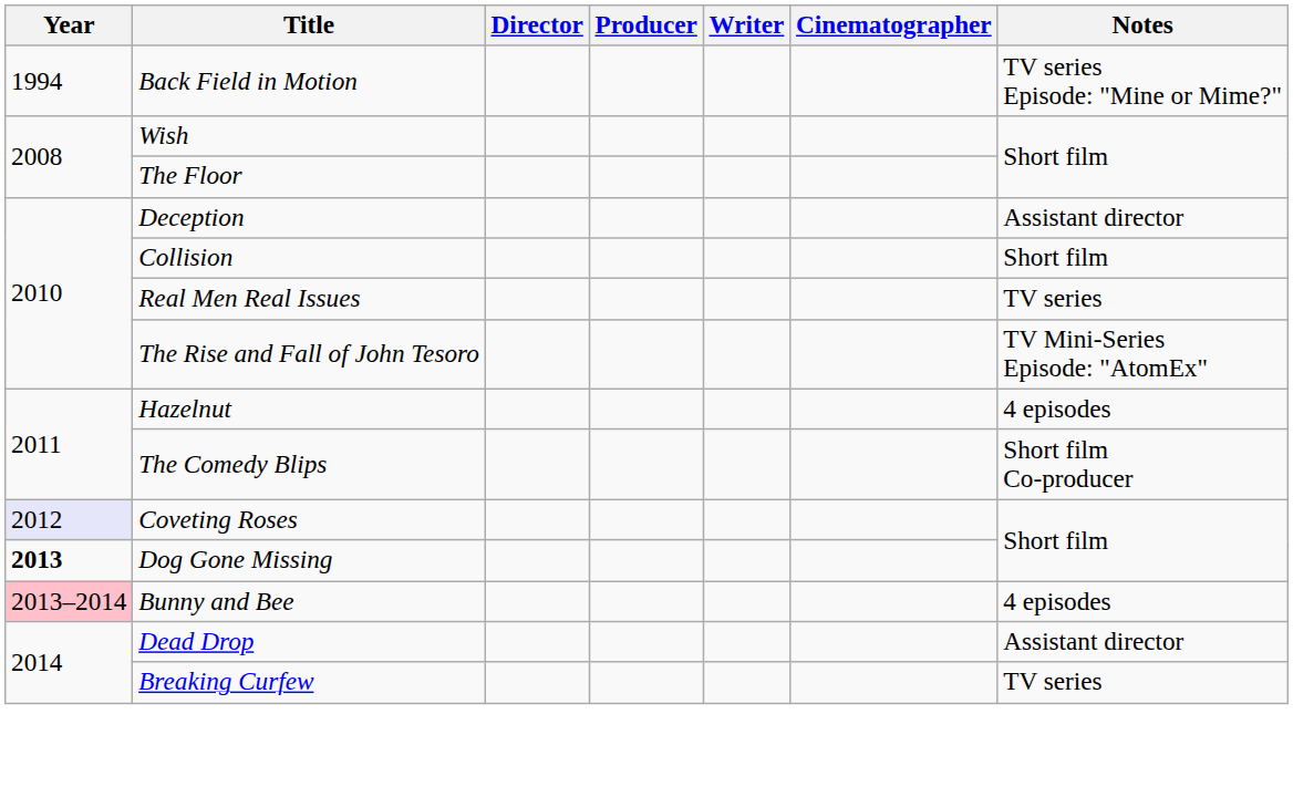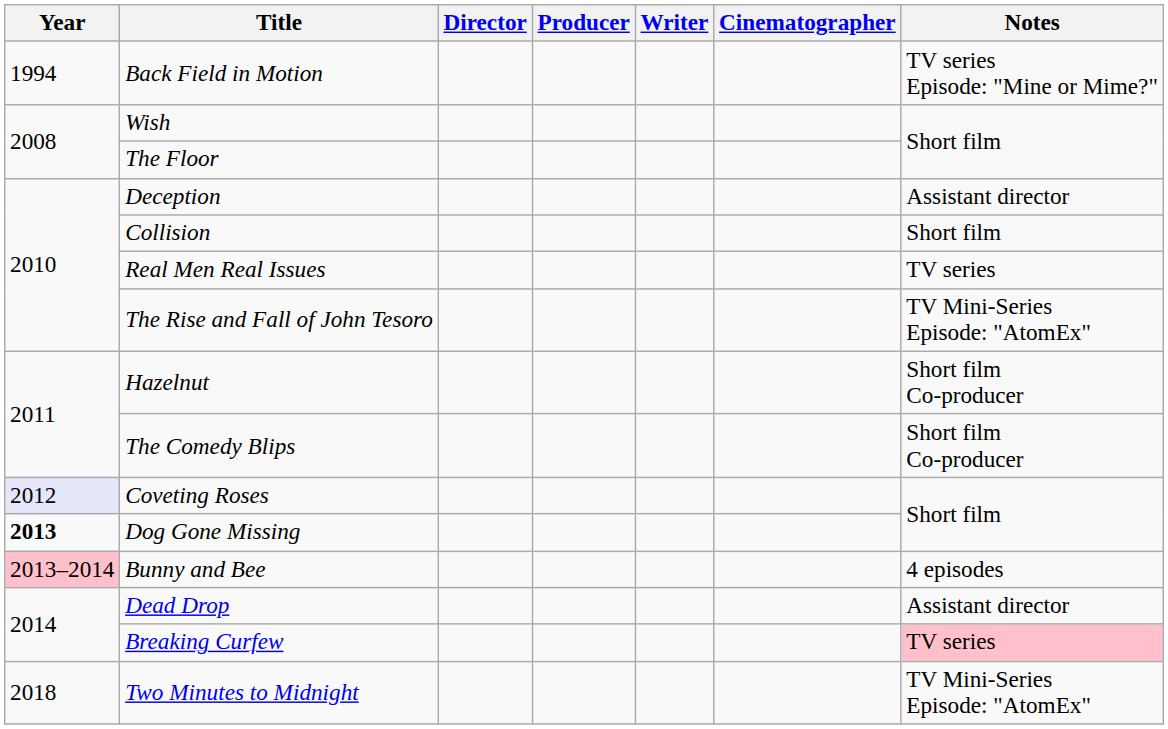 <table class="wikitable sortable">
 <tr>
 <th>Year</th>
 <th>Title</th>
 <th><a href='#'>Director</a></th>
 <th><a href='#'>Producer</a></th>
 <th><a href='#'>Writer</a></th>
 <th><a href='#'>Cinematographer</a></th>
 <th>Notes</th>
 </tr>
 <tr>
 <td>1994</td>
 <td><em>Back Field in Motion</em></td>
 <td></td>
 <td></td>
 <td></td>
 <td></td>
 <td>TV series<br>Episode: "Mine or Mime?"</td>
 </tr>
 <tr>
 <td rowspan="2">2008</td>
 <td><em>Wish</em></td>
 <td></td>
 <td></td>
 <td></td>
 <td></td>
 <td rowspan="2">Short film</td>
 </tr>
 <tr>
 <td><em>The Floor</em></td>
 <td></td>
 <td></td>
 <td></td>
 <td></td>
 </tr>
 <tr>
 <td rowspan="4">2010</td>
 <td><em>Deception</em></td>
 <td></td>
 <td></td>
 <td></td>
 <td></td>
 <td>Assistant director</td>
 </tr>
 <tr>
 <td><em>Collision</em></td>
 <td></td>
 <td></td>
 <td></td>
 <td></td>
 <td>Short film</td>
 </tr>
 <tr>
 <td><em>Real Men Real Issues</em></td>
 <td></td>
 <td></td>
 <td></td>
 <td></td>
 <td>TV series</td>
 </tr>
 <tr>
 <td><em>The Rise and Fall of John Tesoro</em></td>
 <td></td>
 <td></td>
 <td></td>
 <td></td>
 <td>TV Mini-Series<br>Episode: "AtomEx"</td>
 </tr>
 <tr>
 <td rowspan="2">2011</td>
 <td><em>Hazelnut</em></td>
 <td></td>
 <td></td>
 <td></td>
 <td></td>
-<td>4 episodes</td>
+<td>Short film<br>Co-producer</td>
 </tr>
 <tr>
 <td><em>The Comedy Blips</em></td>
 <td></td>
 <td></td>
 <td></td>
 <td></td>
 <td>Short film<br>Co-producer</td>
 </tr>
 <tr>
 <td style="background: lavender;">2012</td>
 <td><em>Coveting Roses</em></td>
 <td></td>
 <td></td>
 <td></td>
 <td></td>
 <td rowspan="2">Short film</td>
 </tr>
 <tr>
 <td><strong>2013</strong></td>
 <td><em>Dog Gone Missing</em></td>
 <td></td>
 <td></td>
 <td></td>
 <td></td>
 </tr>
 <tr>
 <td style="background: pink;">2013–2014</td>
 <td><em>Bunny and Bee</em></td>
 <td></td>
 <td></td>
 <td></td>
 <td></td>
 <td>4 episodes</td>
 </tr>
 <tr>
 <td rowspan="2">2014</td>
 <td><em><a href='#'>Dead Drop</a></em></td>
 <td></td>
 <td></td>
 <td></td>
 <td></td>
 <td>Assistant director</td>
 </tr>
 <tr>
 <td><em><a href='#'>Breaking Curfew</a></em></td>
 <td></td>
 <td></td>
 <td></td>
 <td></td>
-<td>TV series</td>
+<td style="background: pink;">TV series</td>
+</tr>
+<tr>
+<td>2018</td>
+<td><em><a href='#'>Two Minutes to Midnight</a></em></td>
+<td></td>
+<td></td>
+<td></td>
+<td></td>
+<td>TV Mini-Series<br>Episode: "AtomEx"</td>
 </tr>
 </table>
